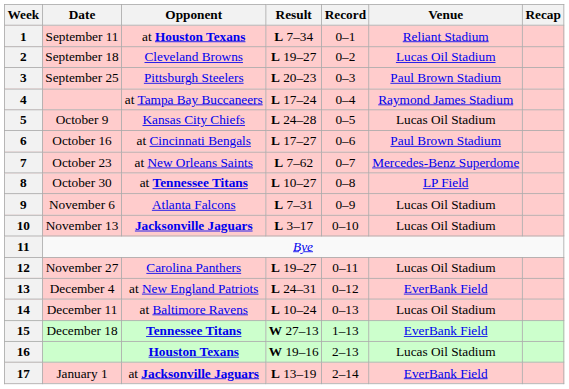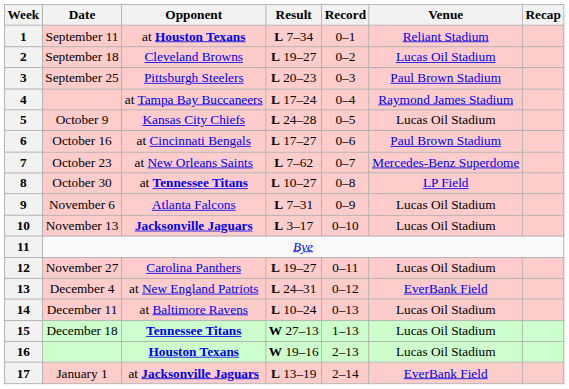 <table class="wikitable" style="text-align:center">
 <tr>
 <th>Week</th>
 <th>Date</th>
 <th>Opponent</th>
 <th>Result</th>
 <th>Record</th>
 <th>Venue</th>
 <th>Recap</th>
 </tr>
 <tr style="background:#fcc">
 <th>1</th>
 <td>September 11</td>
 <td>at <strong><a href='#'>Houston Texans</a></strong></td>
 <td><strong>L</strong> 7–34</td>
 <td>0–1</td>
 <td><a href='#'>Reliant Stadium</a></td>
 <td></td>
 </tr>
 <tr style="background:#fcc">
 <th>2</th>
 <td>September 18</td>
 <td><a href='#'>Cleveland Browns</a></td>
 <td><strong>L</strong> 19–27</td>
 <td>0–2</td>
 <td><a href='#'>Lucas Oil Stadium</a></td>
 <td></td>
 </tr>
 <tr style="background:#fcc">
 <th>3</th>
 <td>September 25</td>
 <td><a href='#'>Pittsburgh Steelers</a></td>
 <td><strong>L</strong> 20–23</td>
 <td>0–3</td>
 <td><a href='#'>Paul Brown Stadium</a></td>
 <td></td>
 </tr>
 <tr style="background:#fcc">
 <th>4</th>
 <td></td>
 <td>at <a href='#'>Tampa Bay Buccaneers</a></td>
 <td><strong>L</strong> 17–24</td>
 <td>0–4</td>
 <td><a href='#'>Raymond James Stadium</a></td>
 <td></td>
 </tr>
 <tr style="background:#fcc">
 <th>5</th>
 <td>October 9</td>
 <td><a href='#'>Kansas City Chiefs</a></td>
 <td><strong>L</strong> 24–28</td>
 <td>0–5</td>
 <td>Lucas Oil Stadium</td>
 <td></td>
 </tr>
 <tr style="background:#fcc">
 <th>6</th>
 <td>October 16</td>
 <td>at <a href='#'>Cincinnati Bengals</a></td>
 <td><strong>L</strong> 17–27</td>
 <td>0–6</td>
 <td><a href='#'>Paul Brown Stadium</a></td>
 <td></td>
 </tr>
 <tr style="background:#fcc">
 <th>7</th>
 <td>October 23</td>
 <td>at <a href='#'>New Orleans Saints</a></td>
 <td><strong>L</strong> 7–62</td>
 <td>0–7</td>
 <td><a href='#'>Mercedes-Benz Superdome</a></td>
 <td></td>
 </tr>
 <tr style="background:#fcc">
 <th>8</th>
 <td>October 30</td>
 <td>at <strong><a href='#'>Tennessee Titans</a></strong></td>
 <td><strong>L</strong> 10–27</td>
 <td>0–8</td>
 <td><a href='#'>LP Field</a></td>
 <td></td>
 </tr>
 <tr style="background:#fcc">
 <th>9</th>
 <td>November 6</td>
 <td><a href='#'>Atlanta Falcons</a></td>
 <td><strong>L</strong> 7–31</td>
 <td>0–9</td>
 <td>Lucas Oil Stadium</td>
 <td></td>
 </tr>
 <tr style="background:#fcc">
 <th>10</th>
 <td>November 13</td>
 <td><strong><a href='#'>Jacksonville Jaguars</a></strong></td>
 <td><strong>L</strong> 3–17</td>
 <td>0–10</td>
 <td>Lucas Oil Stadium</td>
 <td></td>
 </tr>
 <tr>
 <th>11</th>
 <td colspan="6"><em><a href='#'>Bye</a></em></td>
 </tr>
 <tr style="background:#fcc">
 <th>12</th>
 <td>November 27</td>
 <td><a href='#'>Carolina Panthers</a></td>
 <td><strong>L</strong> 19–27</td>
 <td>0–11</td>
 <td>Lucas Oil Stadium</td>
 <td></td>
 </tr>
 <tr style="background:#fcc">
 <th>13</th>
 <td>December 4</td>
 <td>at <a href='#'>New England Patriots</a></td>
 <td><strong>L</strong> 24–31</td>
 <td>0–12</td>
 <td><a href='#'>EverBank Field</a></td>
 <td></td>
 </tr>
 <tr style="background:#fcc">
 <th>14</th>
 <td>December 11</td>
 <td>at <a href='#'>Baltimore Ravens</a></td>
 <td><strong>L</strong> 10–24</td>
 <td>0–13</td>
 <td>Lucas Oil Stadium</td>
 <td></td>
 </tr>
 <tr style="background:#cfc">
 <th>15</th>
 <td>December 18</td>
 <td><strong><a href='#'>Tennessee Titans</a></strong></td>
 <td><strong>W</strong> 27–13</td>
 <td>1–13</td>
-<td><a href='#'>EverBank Field</a></td>
+<td>Lucas Oil Stadium</td>
 <td></td>
 </tr>
 <tr style="background:#cfc">
 <th>16</th>
 <td></td>
 <td><strong><a href='#'>Houston Texans</a></strong></td>
 <td><strong>W</strong> 19–16</td>
 <td>2–13</td>
 <td>Lucas Oil Stadium</td>
 <td></td>
 </tr>
 <tr style="background:#fcc">
 <th>17</th>
 <td>January 1</td>
 <td>at <strong><a href='#'>Jacksonville Jaguars</a></strong></td>
 <td><strong>L</strong> 13–19</td>
 <td>2–14</td>
 <td><a href='#'>EverBank Field</a></td>
 <td></td>
 </tr>
 </table>
